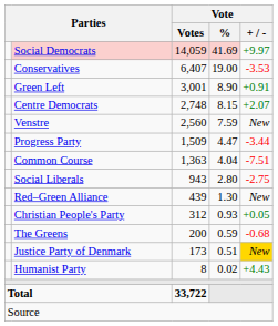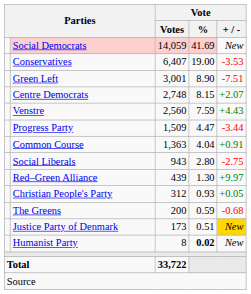 <table class="wikitable" style="text-align:right;">
 <tr>
 <th style="text-align:centre;" rowspan="2" colspan="2" width="225">Parties</th>
 <th colspan="3">Vote</th>
 </tr>
 <tr>
 <th width="15">Votes</th>
 <th width="15">%</th>
 <th width="15">+ / -</th>
 </tr>
 <tr>
 <td width="2" style="color:inherit;background:"></td>
 <td bgcolor=#fbd0ce  align="left"><a href='#'>Social Democrats</a></td>
 <td bgcolor=#fbd0ce>14,059</td>
 <td bgcolor=#fbd0ce>41.69</td>
-<td style=color:green;>+9.97</td>
+<td><em>New</em></td>
 </tr>
 <tr>
 <td width="2" style="color:inherit;background:"></td>
 <td align="left"><a href='#'>Conservatives</a></td>
 <td>6,407</td>
 <td>19.00</td>
 <td style=color:red;>-3.53</td>
 </tr>
 <tr>
 <td width="2" style="color:inherit;background:"></td>
 <td align="left"><a href='#'>Green Left</a></td>
 <td>3,001</td>
 <td>8.90</td>
-<td style=color:green;>+0.91</td>
+<td style=color:red;>-7.51</td>
 </tr>
 <tr>
 <td width="2" style="color:inherit;background:"></td>
 <td align="left"><a href='#'>Centre Democrats</a></td>
 <td>2,748</td>
 <td>8.15</td>
 <td style=color:green;>+2.07</td>
 </tr>
 <tr>
 <td width="2" style="color:inherit;background:"></td>
 <td align="left"><a href='#'>Venstre</a></td>
 <td>2,560</td>
 <td>7.59</td>
-<td><em>New</em></td>
+<td style=color:green;>+4.43</td>
 </tr>
 <tr>
 <td width="2" style="color:inherit;background:"></td>
 <td align="left"><a href='#'>Progress Party</a></td>
 <td>1,509</td>
 <td>4.47</td>
 <td style=color:red;>-3.44</td>
 </tr>
 <tr>
 <td width="2" style="color:inherit;background:"></td>
 <td align="left"><a href='#'>Common Course</a></td>
 <td>1,363</td>
 <td>4.04</td>
-<td style=color:red;>-7.51</td>
+<td style=color:green;>+0.91</td>
 </tr>
 <tr>
 <td width="2" style="color:inherit;background:"></td>
 <td align="left"><a href='#'>Social Liberals</a></td>
 <td>943</td>
 <td>2.80</td>
 <td style=color:red;>-2.75</td>
 </tr>
 <tr>
 <td width="2" style="color:inherit;background:"></td>
 <td align="left"><a href='#'>Red–Green Alliance</a></td>
 <td>439</td>
 <td>1.30</td>
-<td><em>New</em></td>
+<td style=color:green;>+9.97</td>
 </tr>
 <tr>
 <td width="2" style="color:inherit;background:"></td>
 <td align="left"><a href='#'>Christian People's Party</a></td>
 <td>312</td>
 <td>0.93</td>
 <td style=color:green;>+0.05</td>
 </tr>
 <tr>
 <td width="2" style="color:inherit;background:"></td>
 <td align="left"><a href='#'>The Greens</a></td>
 <td>200</td>
 <td>0.59</td>
 <td style=color:red;>-0.68</td>
 </tr>
 <tr>
 <td width="2" style="color:inherit;background:"></td>
 <td align="left"><a href='#'>Justice Party of Denmark</a></td>
 <td>173</td>
 <td>0.51</td>
 <td style="background: gold;"><em>New</em></td>
 </tr>
 <tr>
 <td width="2" style="color:inherit;background:"></td>
 <td align="left"><a href='#'>Humanist Party</a></td>
 <td>8</td>
-<td>0.02</td>
-<td style=color:green;>+4.43</td>
+<td><strong>0.02</strong></td>
+<td><em>New</em></td>
 </tr>
 <tr>
 <td colspan="7" bgcolor="#E9E9E9"></td>
 </tr>
 <tr>
 <td align="left" colspan="2"><strong>Total</strong></td>
 <td><strong>33,722</strong></td>
 <td bgcolor="#E9E9E9" colspan="2"></td>
 </tr>
 <tr>
 <td align="left" colspan="6">Source</td>
 </tr>
 </table>
